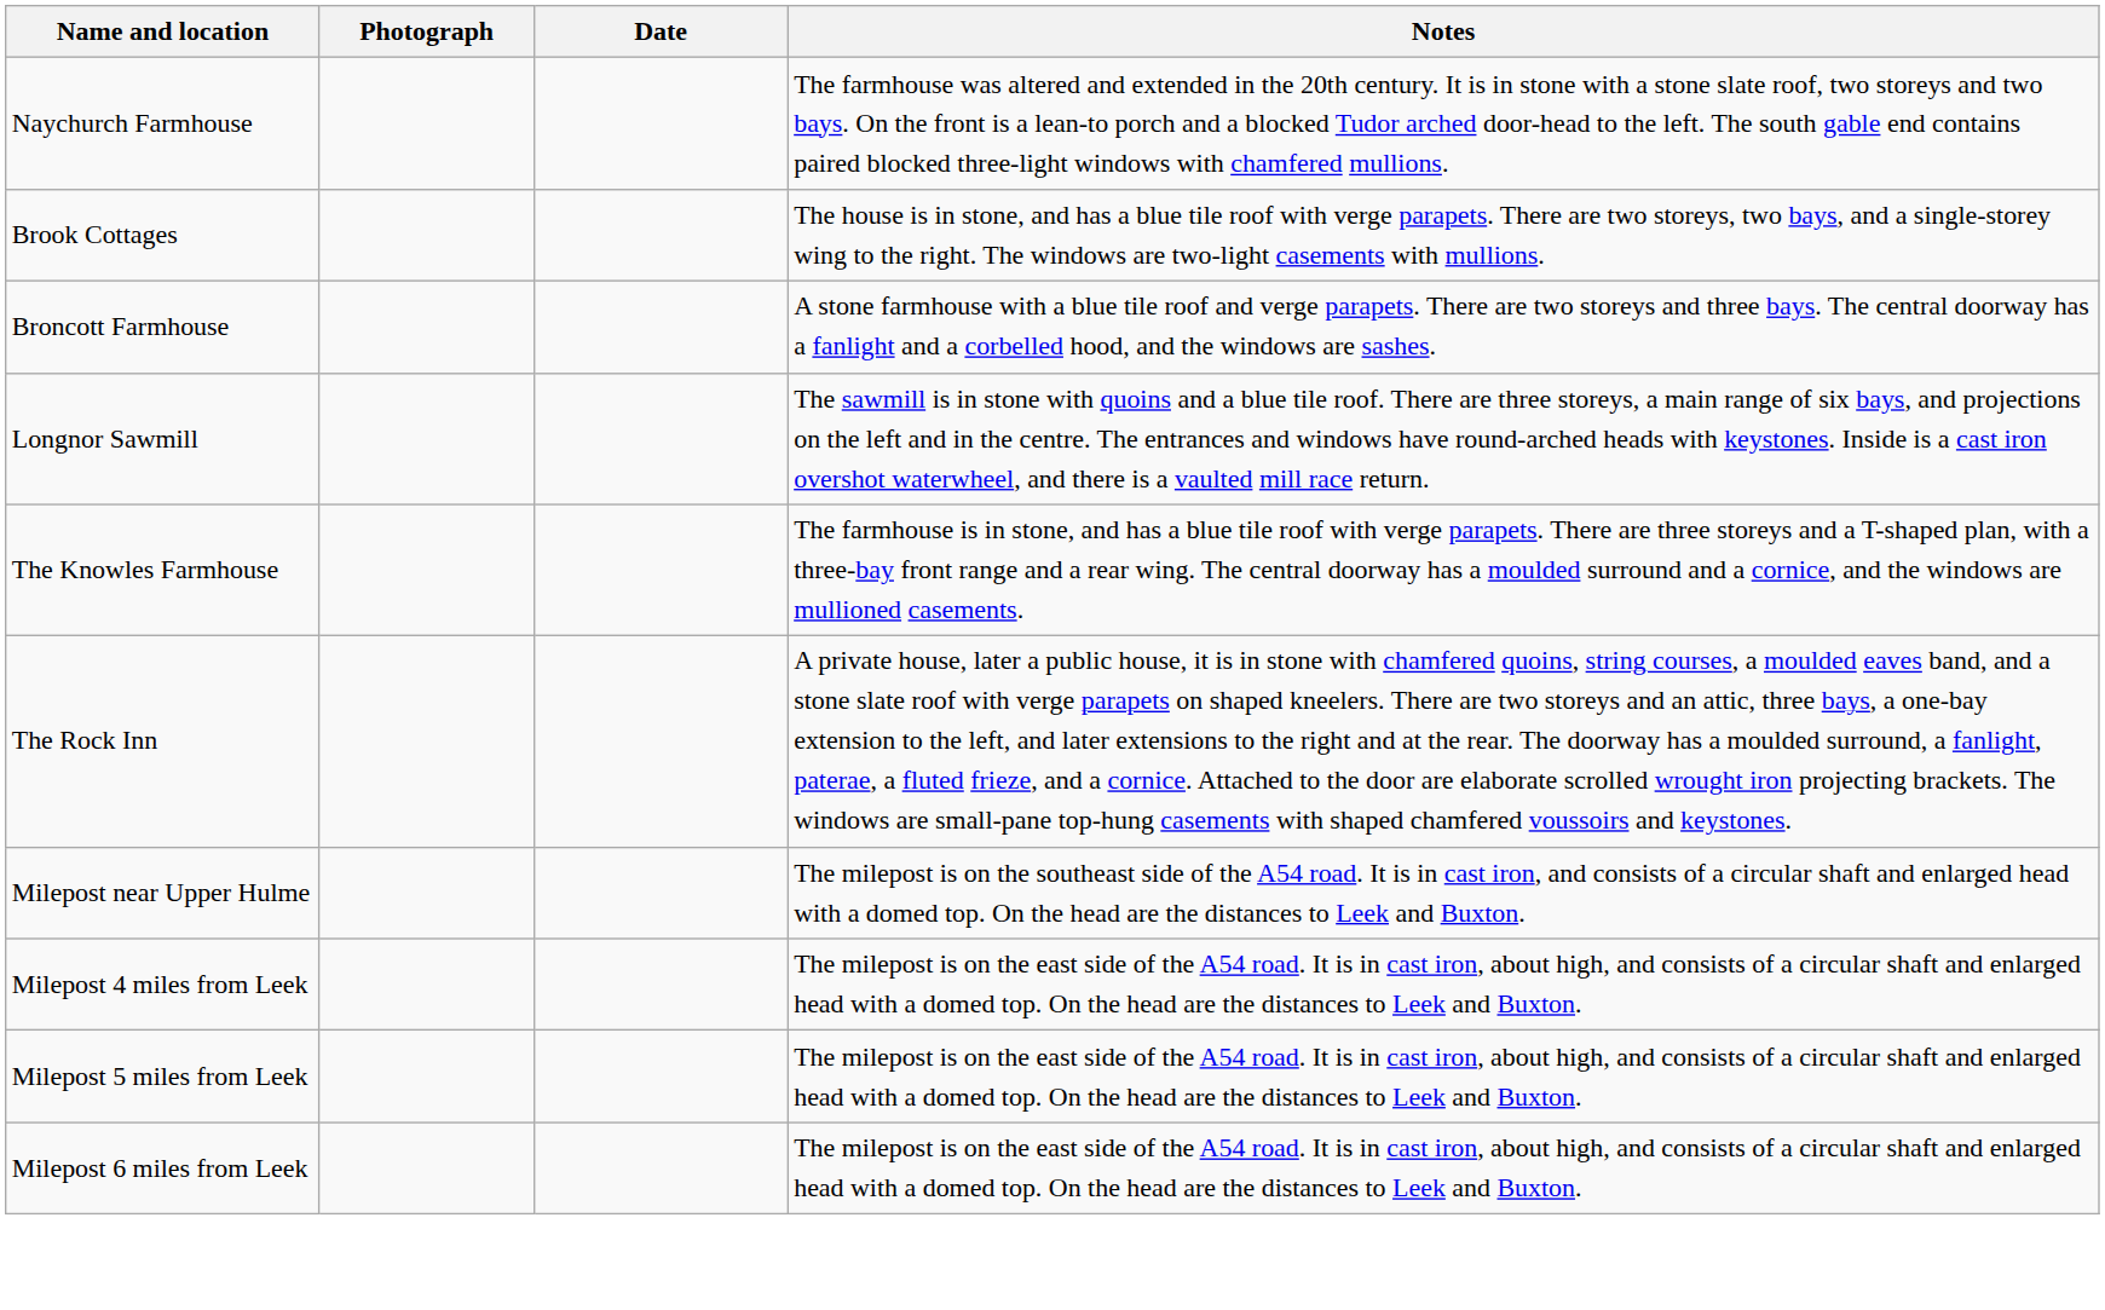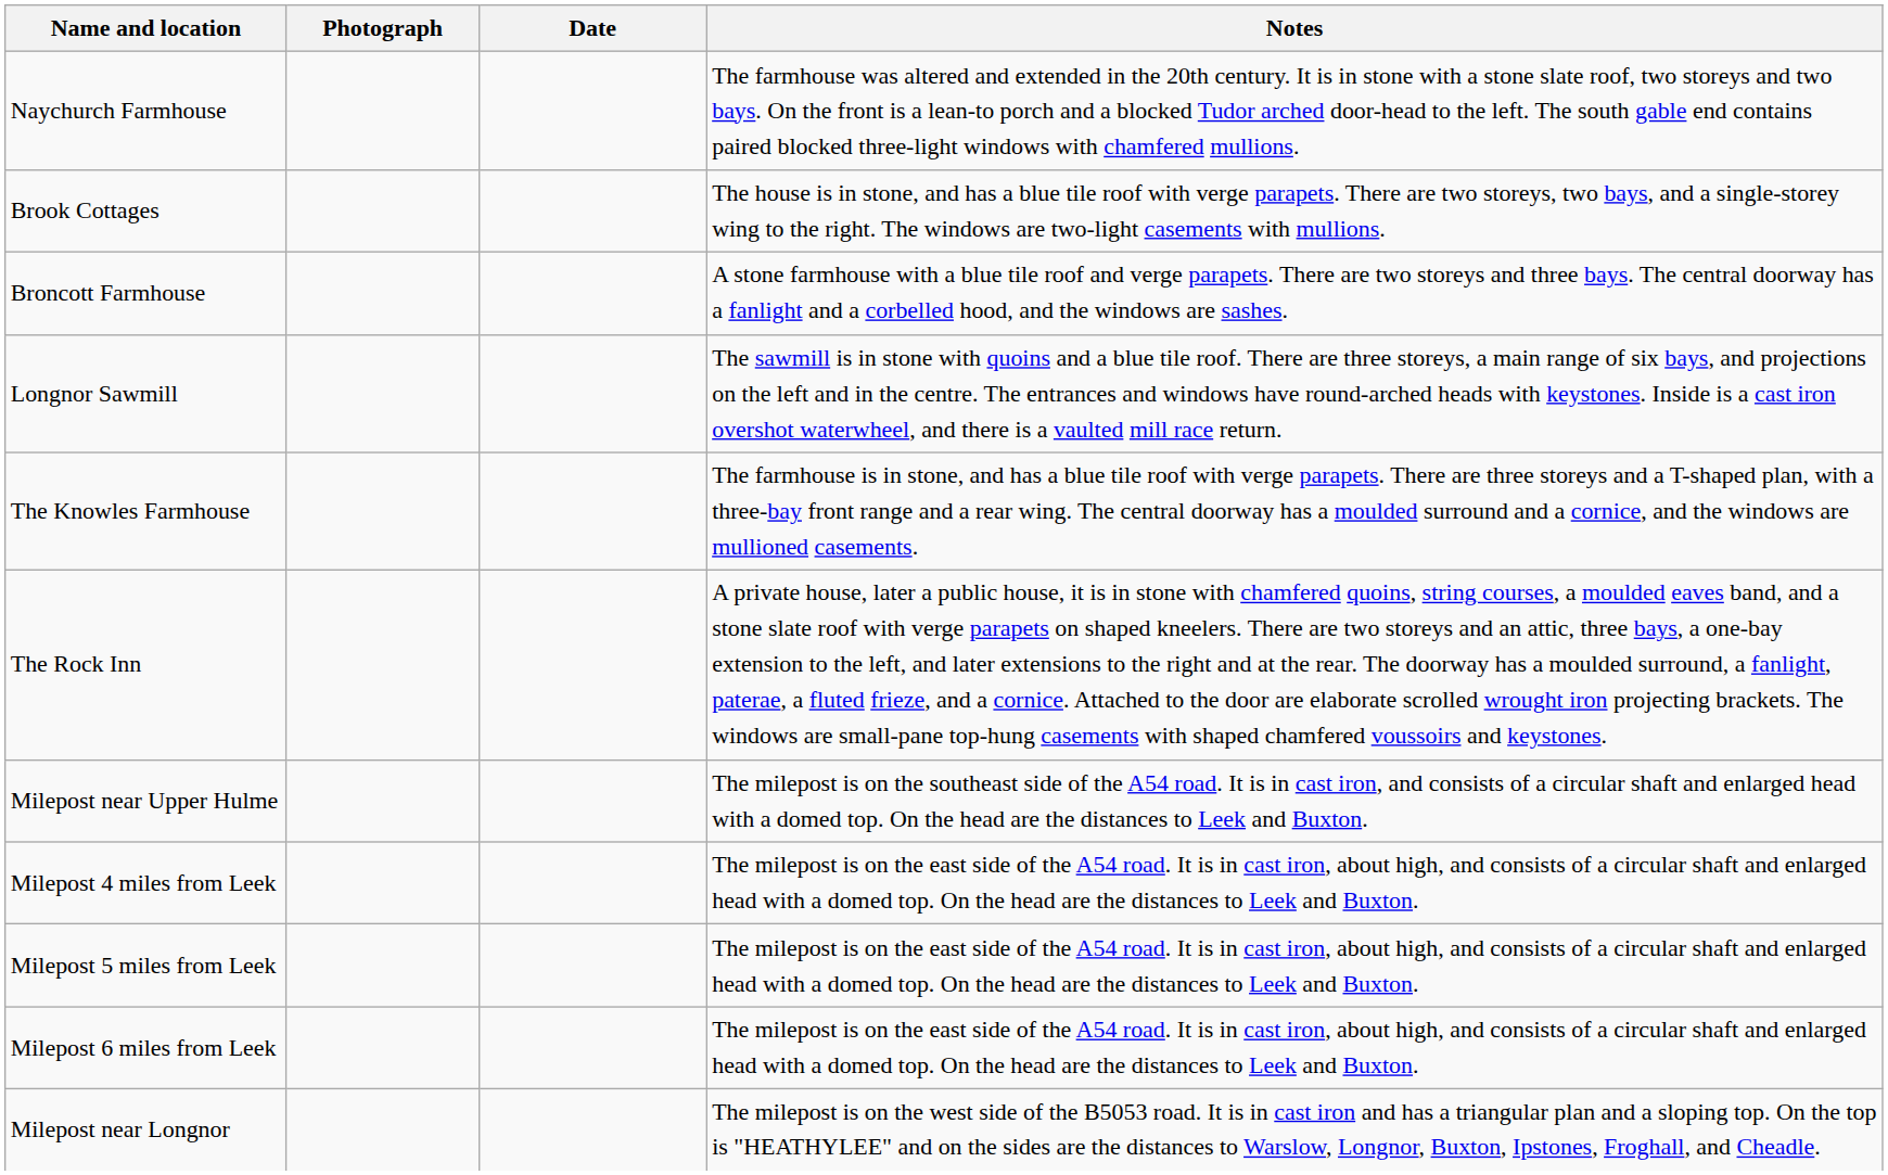 <table class="wikitable sortable plainrowheaders" style="width:100%;border:0px;text-align:left;line-height:150%;">
 <tr>
 <th scope="col"  style="width:150px">Name and location</th>
 <th scope="col"  style="width:100px" class="unsortable">Photograph</th>
 <th scope="col"  style="width:120px">Date</th>
 <th scope="col"  style="width:650px" class="unsortable">Notes</th>
 </tr>
 <tr>
 <td>Naychurch Farmhouse<br><small></small></td>
 <td></td>
 <td align="center"></td>
 <td>The farmhouse was altered and extended in the 20th century.  It is in stone with a stone slate roof, two storeys and two <a href='#'>bays</a>.  On the front is a lean-to porch and a blocked <a href='#'>Tudor arched</a> door-head to the left.  The south <a href='#'>gable</a> end contains paired blocked three-light windows with <a href='#'>chamfered</a> <a href='#'>mullions</a>.</td>
 </tr>
 <tr>
 <td>Brook Cottages<br><small></small></td>
 <td></td>
 <td align="center"></td>
 <td>The house is in stone, and has a blue tile roof with verge <a href='#'>parapets</a>.  There are two storeys, two <a href='#'>bays</a>, and a single-storey wing to the right.  The windows are two-light <a href='#'>casements</a> with <a href='#'>mullions</a>.</td>
 </tr>
 <tr>
 <td>Broncott Farmhouse<br><small></small></td>
 <td></td>
 <td align="center"></td>
 <td>A stone farmhouse with a blue tile roof and verge <a href='#'>parapets</a>.  There are two storeys and three <a href='#'>bays</a>.  The central doorway has a <a href='#'>fanlight</a> and a <a href='#'>corbelled</a> hood, and the windows are <a href='#'>sashes</a>.</td>
 </tr>
 <tr>
 <td>Longnor Sawmill<br><small></small></td>
 <td></td>
 <td align="center"></td>
 <td>The <a href='#'>sawmill</a> is in stone with <a href='#'>quoins</a> and a blue tile roof.  There are three storeys, a main range of six <a href='#'>bays</a>, and projections on the left and in the centre.  The entrances and windows have round-arched heads with <a href='#'>keystones</a>.  Inside is a <a href='#'>cast iron</a> <a href='#'>overshot waterwheel</a>, and there is a <a href='#'>vaulted</a> <a href='#'>mill race</a> return.</td>
 </tr>
 <tr>
 <td>The Knowles Farmhouse<br><small></small></td>
 <td></td>
 <td align="center"></td>
 <td>The farmhouse is in stone, and has a blue tile roof with verge <a href='#'>parapets</a>.  There are three storeys and a T-shaped plan, with a three-<a href='#'>bay</a> front range and a rear wing.  The central doorway has a <a href='#'>moulded</a> surround and a <a href='#'>cornice</a>, and the windows are <a href='#'>mullioned</a> <a href='#'>casements</a>.</td>
 </tr>
 <tr>
 <td>The Rock Inn<br><small></small></td>
 <td></td>
 <td align="center"></td>
 <td>A private house, later a public house, it is in stone with <a href='#'>chamfered</a> <a href='#'>quoins</a>, <a href='#'>string courses</a>, a <a href='#'>moulded</a> <a href='#'>eaves</a> band, and a stone slate roof with verge <a href='#'>parapets</a> on shaped kneelers.  There are two storeys and an attic, three <a href='#'>bays</a>, a one-bay extension to the left, and later extensions to the right and at the rear.  The doorway has a moulded surround, a <a href='#'>fanlight</a>, <a href='#'>paterae</a>, a <a href='#'>fluted</a> <a href='#'>frieze</a>, and a <a href='#'>cornice</a>.  Attached to the door are elaborate scrolled <a href='#'>wrought iron</a> projecting brackets.  The windows are small-pane top-hung <a href='#'>casements</a> with shaped chamfered <a href='#'>voussoirs</a> and <a href='#'>keystones</a>.</td>
 </tr>
 <tr>
 <td>Milepost near Upper Hulme<br><small></small></td>
 <td></td>
 <td align="center"></td>
 <td>The milepost is on the southeast side of the <a href='#'>A54 road</a>.  It is in <a href='#'>cast iron</a>, and consists of a circular shaft and enlarged head with a domed top.  On the head are the distances to <a href='#'>Leek</a> and <a href='#'>Buxton</a>.</td>
 </tr>
 <tr>
 <td>Milepost 4 miles from Leek<br><small></small></td>
 <td></td>
 <td align="center"></td>
 <td>The milepost is on the east side of the <a href='#'>A54 road</a>.  It is in <a href='#'>cast iron</a>, about  high, and consists of a circular shaft and enlarged head with a domed top.  On the head are the distances to <a href='#'>Leek</a> and <a href='#'>Buxton</a>.</td>
 </tr>
 <tr>
 <td>Milepost 5 miles from Leek<br><small></small></td>
 <td></td>
 <td align="center"></td>
 <td>The milepost is on the east side of the <a href='#'>A54 road</a>.  It is in <a href='#'>cast iron</a>, about  high, and consists of a circular shaft and enlarged head with a domed top.  On the head are the distances to <a href='#'>Leek</a> and <a href='#'>Buxton</a>.</td>
 </tr>
 <tr>
 <td>Milepost 6 miles from Leek<br><small></small></td>
 <td></td>
 <td align="center"></td>
 <td>The milepost is on the east side of the <a href='#'>A54 road</a>.  It is in <a href='#'>cast iron</a>, about  high, and consists of a circular shaft and enlarged head with a domed top.  On the head are the distances to <a href='#'>Leek</a> and <a href='#'>Buxton</a>.</td>
 </tr>
 <tr>
+<td>Milepost near Longnor<br><small></small></td>
+<td></td>
+<td align="center"></td>
+<td>The milepost is on the west side of the B5053 road.  It is in <a href='#'>cast iron</a> and has a triangular plan and a sloping top.  On the top is "HEATHYLEE" and on the sides are the distances to <a href='#'>Warslow</a>, <a href='#'>Longnor</a>, <a href='#'>Buxton</a>, <a href='#'>Ipstones</a>, <a href='#'>Froghall</a>, and <a href='#'>Cheadle</a>.</td>
+</tr>
+<tr>
 </tr>
 </table>
